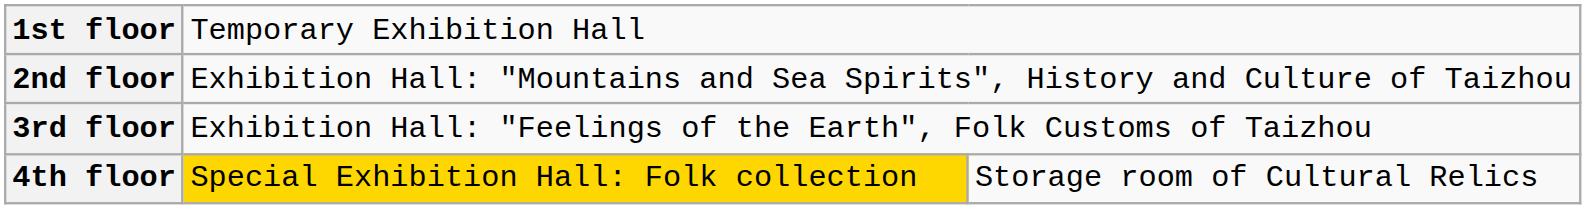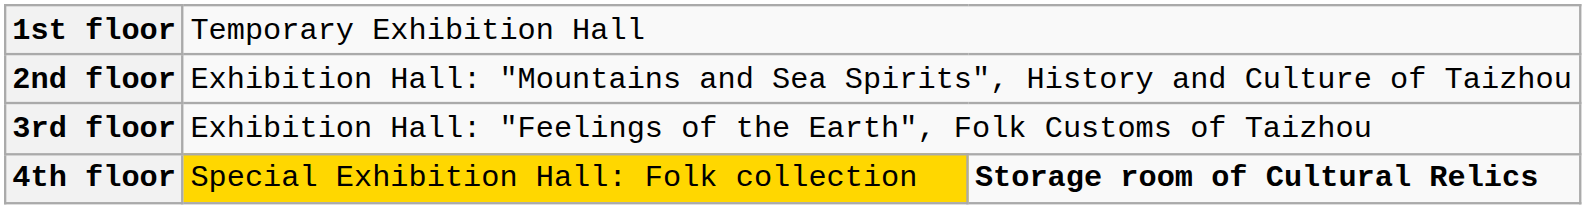 <table class="wikitable">
 <tr>
 <th>1st floor</th>
 <td colspan="2">Temporary Exhibition Hall</td>
 </tr>
 <tr>
 <th>2nd floor</th>
 <td colspan="2">Exhibition Hall: "Mountains and Sea Spirits", History and Culture of Taizhou</td>
 </tr>
 <tr>
 <th>3rd floor</th>
 <td colspan="2">Exhibition Hall: "Feelings of the Earth", Folk Customs of Taizhou</td>
 </tr>
 <tr>
 <th>4th floor</th>
 <td style="background: gold;">Special Exhibition Hall: Folk collection</td>
-<td>Storage room of Cultural Relics</td>
+<td><strong>Storage room of Cultural Relics</strong></td>
 </tr>
 </table>
